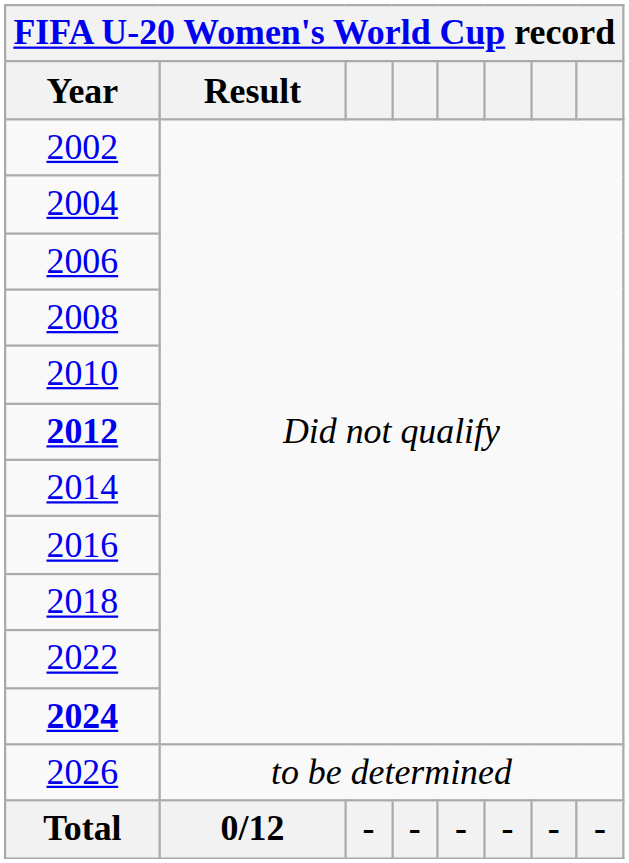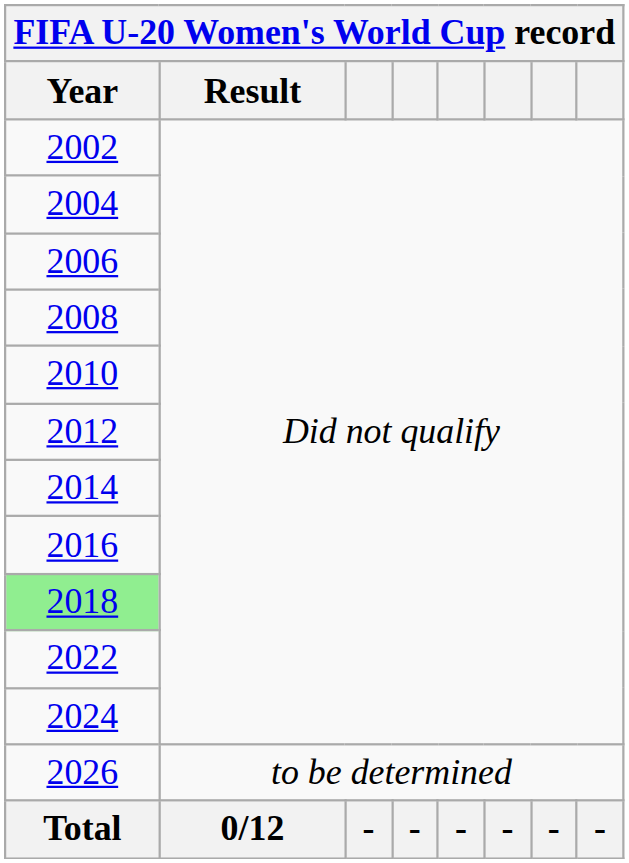 <table class="wikitable" style="text-align: center;">
 <tr>
 <th colspan="8"><a href='#'>FIFA U-20 Women's World Cup</a> record</th>
 </tr>
 <tr>
 <th>Year</th>
 <th>Result</th>
 <th></th>
 <th></th>
 <th></th>
 <th></th>
 <th></th>
 <th></th>
 </tr>
 <tr>
 <td> <a href='#'>2002</a></td>
 <td colspan="7" rowspan="11"><em>Did not qualify</em></td>
 </tr>
 <tr>
 <td> <a href='#'>2004</a></td>
 </tr>
 <tr>
 <td> <a href='#'>2006</a></td>
 </tr>
 <tr>
 <td> <a href='#'>2008</a></td>
 </tr>
 <tr>
 <td> <a href='#'>2010</a></td>
 </tr>
 <tr>
-<td><strong> <a href='#'>2012</a></strong></td>
+<td> <a href='#'>2012</a></td>
 </tr>
 <tr>
 <td> <a href='#'>2014</a></td>
 </tr>
 <tr>
 <td> <a href='#'>2016</a></td>
 </tr>
 <tr>
-<td> <a href='#'>2018</a></td>
+<td style="background: lightgreen;"> <a href='#'>2018</a></td>
 </tr>
 <tr>
 <td> <a href='#'>2022</a></td>
 </tr>
 <tr>
-<td><strong> <a href='#'>2024</a></strong></td>
+<td> <a href='#'>2024</a></td>
 </tr>
 <tr>
 <td> <a href='#'>2026</a></td>
 <td colspan="7"><em>to be determined</em></td>
 </tr>
 <tr>
 <th><strong>Total</strong></th>
 <th><strong>0/12</strong></th>
 <th>-</th>
 <th>-</th>
 <th>-</th>
 <th>-</th>
 <th>-</th>
 <th>-</th>
 </tr>
 </table>
